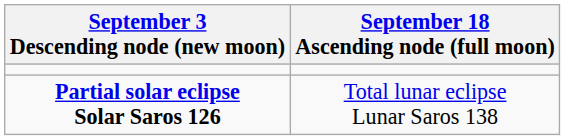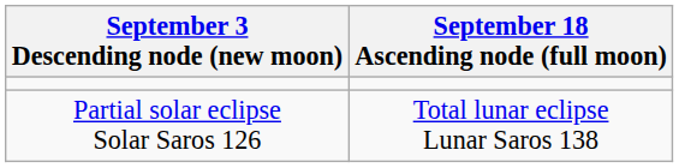 <table class="wikitable">
 <tr>
 <th><a href='#'>September 3</a><br>Descending node (new moon)<br></th>
 <th><a href='#'>September 18</a><br>Ascending node (full moon)<br></th>
 </tr>
 <tr>
 <td></td>
 <td></td>
 </tr>
 <tr align=center>
-<td><strong><a href='#'>Partial solar eclipse</a><br>Solar Saros 126</strong></td>
+<td><a href='#'>Partial solar eclipse</a><br>Solar Saros 126</td>
 <td><a href='#'>Total lunar eclipse</a><br>Lunar Saros 138</td>
 </tr>
 </table>
